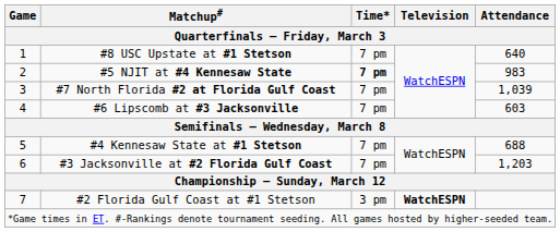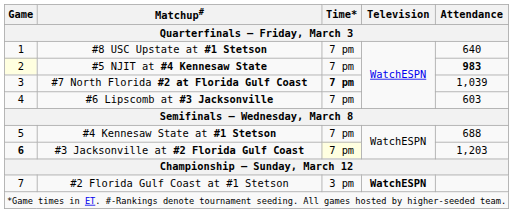 <table class="wikitable" style="font-size: 95%; text-align:center;">
 <tr align="center">
 <th>Game</th>
 <th>Matchup<sup>#</sup></th>
 <th>Time*</th>
 <th>Television</th>
 <th>Attendance</th>
 </tr>
 <tr>
 <th colspan=6>Quarterfinals – Friday, March 3</th>
 </tr>
 <tr>
 <td>1</td>
 <td>#8 USC Upstate at <strong>#1 Stetson</strong></td>
 <td>7 pm</td>
 <td rowspan=4><a href='#'>WatchESPN</a></td>
 <td>640</td>
 </tr>
 <tr>
-<td>2</td>
+<td style="background: lightyellow;">2</td>
 <td>#5 NJIT at <strong>#4 Kennesaw State</strong></td>
-<td><strong>7 pm</strong></td>
-<td>983</td>
+<td>7 pm</td>
+<td><strong>983</strong></td>
 </tr>
 <tr>
 <td>3</td>
 <td>#7 North Florida <strong>#2 at Florida Gulf Coast</strong></td>
-<td>7 pm</td>
+<td><strong>7 pm</strong></td>
 <td>1,039</td>
 </tr>
 <tr>
 <td>4</td>
 <td>#6 Lipscomb at <strong>#3 Jacksonville</strong></td>
 <td>7 pm</td>
 <td>603</td>
 </tr>
 <tr>
 <th colspan=6>Semifinals – Wednesday, March 8</th>
 </tr>
 <tr>
 <td>5</td>
 <td>#4 Kennesaw State at <strong>#1 Stetson</strong></td>
 <td>7 pm</td>
 <td rowspan=2>WatchESPN</td>
 <td>688</td>
 </tr>
 <tr>
-<td>6</td>
+<td><strong>6</strong></td>
 <td>#3 Jacksonville at <strong>#2 Florida Gulf Coast</strong></td>
-<td>7 pm</td>
+<td style="background: lightyellow;">7 pm</td>
 <td>1,203</td>
 </tr>
 <tr>
 <th colspan=6>Championship – Sunday, March 12</th>
 </tr>
 <tr>
 <td>7</td>
 <td>#2 Florida Gulf Coast at #1 Stetson</td>
 <td>3 pm</td>
 <td><strong>WatchESPN</strong></td>
 <td></td>
 </tr>
 <tr>
 <td colspan=5><small>*Game times in <a href='#'>ET</a>. #-Rankings denote tournament seeding. All games hosted by higher-seeded team.</small></td>
 </tr>
 </table>
